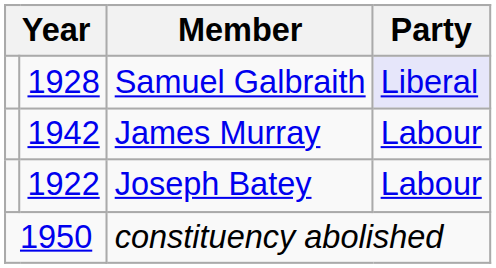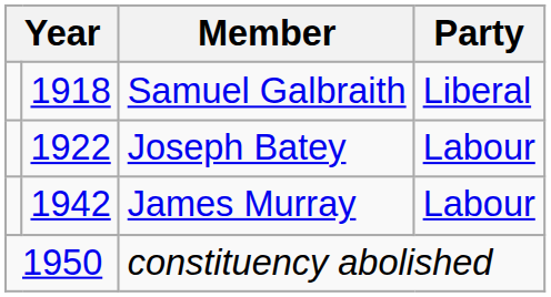 <table class="wikitable">
 <tr>
 <th colspan="2">Year</th>
 <th>Member</th>
 <th>Party</th>
 </tr>
 <tr>
 <td style="color:inherit;background-color: "></td>
-<td><a href='#'>1928</a></td>
+<td><a href='#'>1918</a></td>
 <td><a href='#'>Samuel Galbraith</a></td>
-<td style="background: lavender;"><a href='#'>Liberal</a></td>
+<td><a href='#'>Liberal</a></td>
+</tr>
+<tr>
+<td style="color:inherit;background-color: "></td>
+<td><a href='#'>1922</a></td>
+<td><a href='#'>Joseph Batey</a></td>
+<td><a href='#'>Labour</a></td>
 </tr>
 <tr>
 <td style="color:inherit;background-color: "></td>
 <td><a href='#'>1942</a></td>
 <td><a href='#'>James Murray</a></td>
 <td><a href='#'>Labour</a></td>
 </tr>
 <tr>
-<td style="color:inherit;background-color: "></td>
-<td><a href='#'>1922</a></td>
-<td><a href='#'>Joseph Batey</a></td>
-<td><a href='#'>Labour</a></td>
-</tr>
-<tr>
 <td colspan="2" align="center"><a href='#'>1950</a></td>
 <td colspan="2"><em>constituency abolished</em></td>
 </tr>
 </table>
